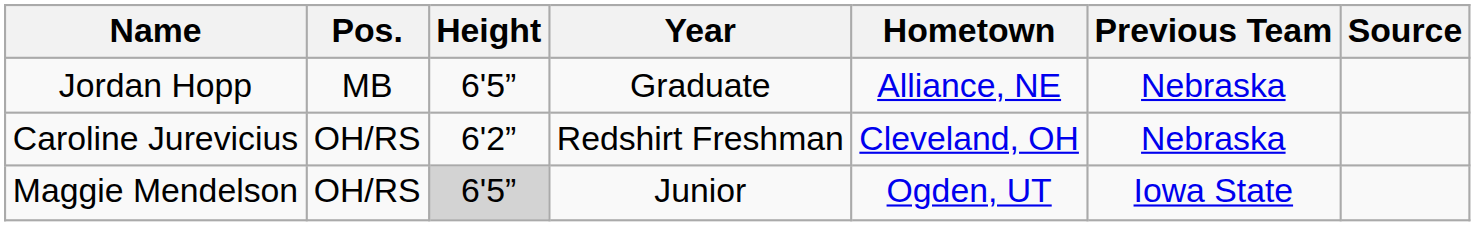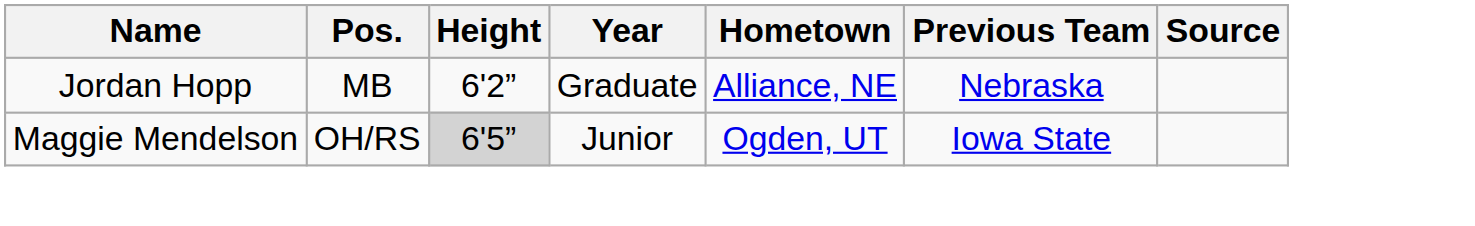 <table class="wikitable sortable" border="1">
 <tr>
 <th style="text-align:center; ">Name</th>
 <th style="text-align:center; ">Pos.</th>
 <th style="text-align:center; ">Height</th>
 <th style="text-align:center; ">Year</th>
 <th style="text-align:center; ">Hometown</th>
 <th style="text-align:center; ">Previous Team</th>
 <th style="text-align:center; ">Source</th>
 </tr>
 <tr align="center">
 <td>Jordan Hopp</td>
 <td>MB</td>
-<td>6'5”</td>
+<td>6'2”</td>
 <td>Graduate</td>
 <td><a href='#'>Alliance, NE</a></td>
-<td><a href='#'>Nebraska</a></td>
-<td></td>
-</tr>
-<tr align="center">
-<td>Caroline Jurevicius</td>
-<td>OH/RS</td>
-<td>6'2”</td>
-<td>Redshirt Freshman</td>
-<td><a href='#'>Cleveland, OH</a></td>
 <td><a href='#'>Nebraska</a></td>
 <td></td>
 </tr>
 <tr align="center">
 <td>Maggie Mendelson</td>
 <td>OH/RS</td>
 <td style="background: lightgrey;">6'5”</td>
 <td>Junior</td>
 <td><a href='#'>Ogden, UT</a></td>
 <td><a href='#'>Iowa State</a></td>
 <td></td>
 </tr>
 </table>
